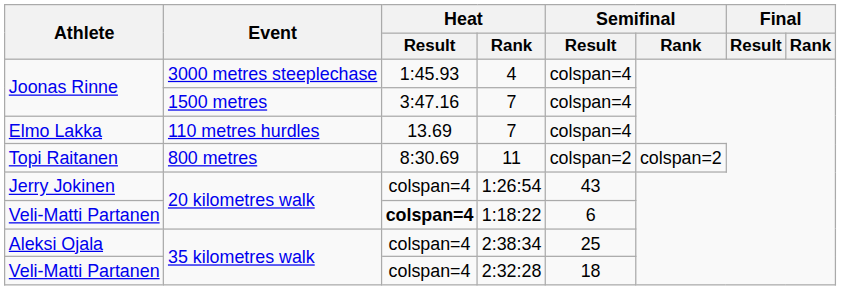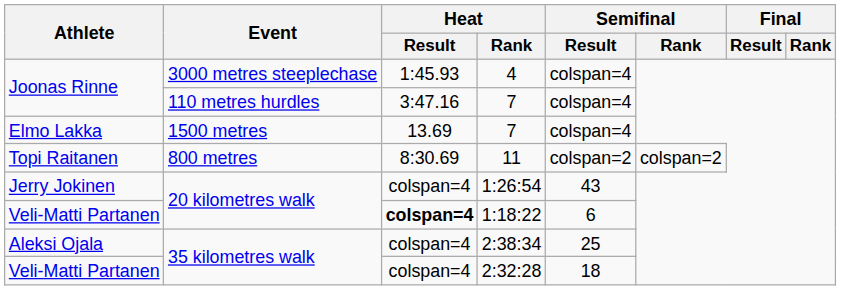 <table class="wikitable" style="font-size:90%">
 <tr>
 <th rowspan="2">Athlete</th>
 <th rowspan="2">Event</th>
 <th colspan="2">Heat</th>
 <th colspan="2">Semifinal</th>
 <th colspan="2">Final</th>
 </tr>
 <tr style="font-size:95%">
 <th>Result</th>
 <th>Rank</th>
 <th>Result</th>
 <th>Rank</th>
 <th>Result</th>
 <th>Rank</th>
 </tr>
 <tr align=center>
 <td align=left rowspan=2><a href='#'>Joonas Rinne</a></td>
 <td align=left><a href='#'>3000 metres steeplechase</a></td>
 <td>1:45.93</td>
 <td>4</td>
 <td>colspan=4 </td>
 </tr>
 <tr align=center>
-<td align=left><a href='#'>1500 metres</a></td>
+<td align=left><a href='#'>110 metres hurdles</a></td>
 <td>3:47.16</td>
 <td>7</td>
 <td>colspan=4 </td>
 </tr>
 <tr align=center>
 <td align=left><a href='#'>Elmo Lakka</a></td>
-<td align=left><a href='#'>110 metres hurdles</a></td>
+<td align=left><a href='#'>1500 metres</a></td>
 <td>13.69</td>
 <td>7</td>
 <td>colspan=4 </td>
 </tr>
 <tr align=center>
 <td align=left><a href='#'>Topi Raitanen</a></td>
 <td align=left><a href='#'>800 metres</a></td>
 <td>8:30.69</td>
 <td>11</td>
 <td>colspan=2</td>
 <td>colspan=2 </td>
 </tr>
 <tr align=center>
 <td align=left><a href='#'>Jerry Jokinen</a></td>
 <td align=left rowspan=2><a href='#'>20 kilometres walk</a></td>
 <td>colspan=4</td>
 <td>1:26:54</td>
 <td>43</td>
 </tr>
 <tr align=center>
 <td align=left><a href='#'>Veli-Matti Partanen</a></td>
 <td><strong>colspan=4</strong></td>
 <td>1:18:22 </td>
 <td>6</td>
 </tr>
 <tr align=center>
 <td align=left><a href='#'>Aleksi Ojala</a></td>
 <td align=left rowspan=2><a href='#'>35 kilometres walk</a></td>
 <td>colspan=4</td>
 <td>2:38:34</td>
 <td>25</td>
 </tr>
 <tr align=center>
 <td align=left><a href='#'>Veli-Matti Partanen</a></td>
 <td>colspan=4</td>
 <td>2:32:28</td>
 <td>18</td>
 </tr>
 </table>
